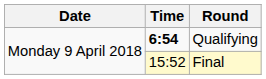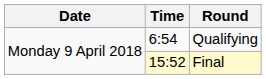 <table class="wikitable">
 <tr>
 <th>Date</th>
 <th>Time</th>
 <th>Round</th>
 </tr>
 <tr>
 <td rowspan=2>Monday 9 April 2018</td>
-<td><strong>6:54</strong></td>
+<td>6:54</td>
 <td>Qualifying</td>
 </tr>
 <tr>
 <td style=background:lemonchiffon>15:52</td>
 <td style=background:lemonchiffon>Final</td>
 </tr>
 </table>
